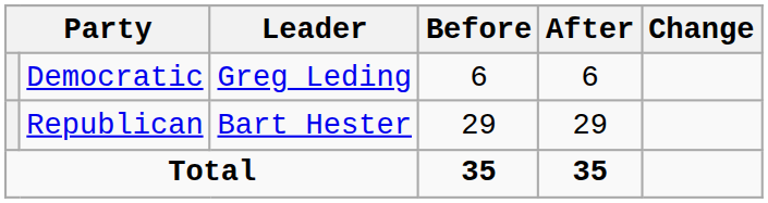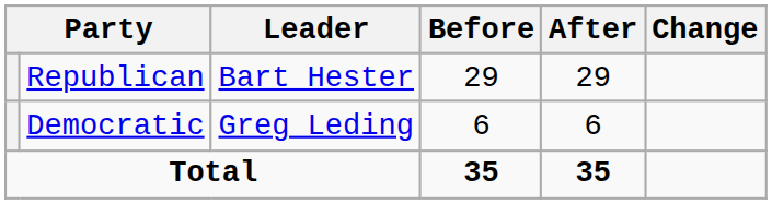 <table class="wikitable" style="text-align:center;">
 <tr>
 </tr>
 <tr>
 <th colspan="2">Party</th>
 <th>Leader</th>
 <th style="width:3em">Before</th>
 <th style="width:3em">After</th>
 <th style="width:3em">Change</th>
 </tr>
 <tr>
 <th style="background-color:"></th>
+<td style="text-align:left;"><a href='#'>Republican</a></td>
+<td style="text-align:left;"><a href='#'>Bart Hester</a></td>
+<td>29</td>
+<td>29</td>
+<td></td>
+</tr>
+<tr>
+<th style="background-color:"></th>
 <td style="text-align:left;"><a href='#'>Democratic</a></td>
 <td style="text-align:left;"><a href='#'>Greg Leding</a></td>
 <td>6</td>
 <td>6</td>
-<td></td>
-</tr>
-<tr>
-<th style="background-color:"></th>
-<td style="text-align:left;"><a href='#'>Republican</a></td>
-<td style="text-align:left;"><a href='#'>Bart Hester</a></td>
-<td>29</td>
-<td>29</td>
 <td></td>
 </tr>
 <tr>
 <td colspan="3"><strong>Total</strong></td>
 <td><strong>35</strong></td>
 <td><strong>35</strong></td>
 <td></td>
 </tr>
 </table>
